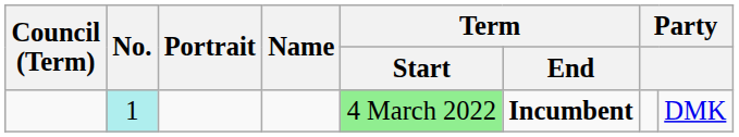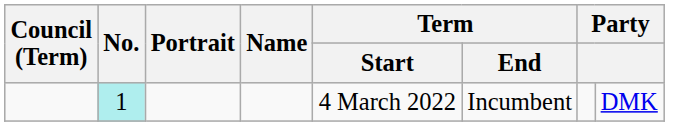 <table class="wikitable sortable" style="text-align:center">
 <tr>
 <th rowspan="2">Council<br>(Term)</th>
 <th rowspan="2" scope="col">No.</th>
 <th rowspan="2" scope="col" class="unsortable">Portrait</th>
 <th rowspan="2" scope="col">Name</th>
 <th colspan="2" scope="col" class="unsortable">Term</th>
 <th scope=col colspan="2">Party</th>
 </tr>
 <tr>
 <th>Start</th>
 <th>End</th>
 <th colspan="2"></th>
 </tr>
 <tr>
 <td></td>
 <td style="background: paleturquoise;">1</td>
 <td data-sort-value="G Kamaraj"></td>
 <td></td>
-<td style="background: lightgreen;">4 March 2022</td>
-<td><strong>Incumbent</strong></td>
+<td>4 March 2022</td>
+<td>Incumbent</td>
 <td width="4px"><br></td>
 <td><a href='#'>DMK</a></td>
 </tr>
 </table>
